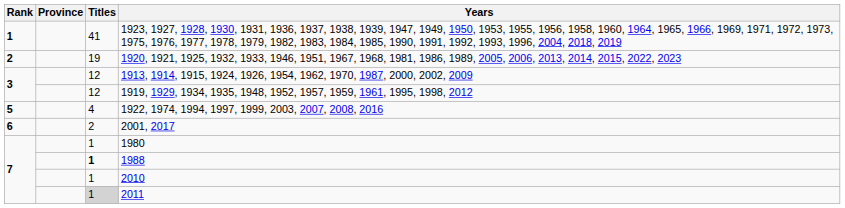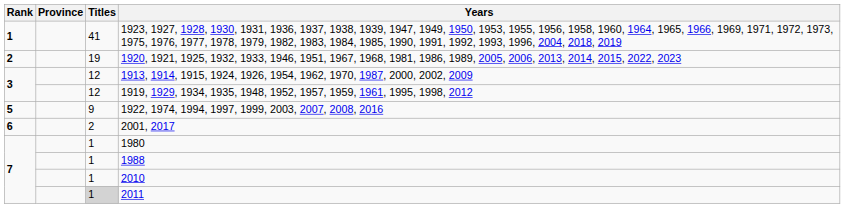 <table class="wikitable">
 <tr>
 <th>Rank</th>
 <th>Province</th>
 <th>Titles</th>
 <th>Years</th>
 </tr>
 <tr>
 <td><strong>1</strong></td>
 <td style="text-align:left;"></td>
 <td>41</td>
 <td>1923, 1927, <a href='#'>1928</a>, <a href='#'>1930</a>, 1931, 1936, 1937, 1938, 1939, 1947, 1949, <a href='#'>1950</a>, 1953, 1955, 1956, 1958, 1960, <a href='#'>1964</a>, 1965, <a href='#'>1966</a>, 1969, 1971, 1972, 1973, 1975, 1976, 1977, 1978, 1979, 1982, 1983, 1984, 1985, 1990, 1991, 1992, 1993, 1996, <a href='#'>2004</a>, <a href='#'>2018</a>, <a href='#'>2019</a></td>
 </tr>
 <tr>
 <td><strong>2</strong></td>
 <td style="text-align:left;"></td>
 <td>19</td>
 <td><a href='#'>1920</a>, 1921, 1925, 1932, 1933, 1946, 1951, 1967, 1968, 1981, 1986, 1989, <a href='#'>2005</a>, <a href='#'>2006</a>, <a href='#'>2013</a>, <a href='#'>2014</a>, <a href='#'>2015</a>, <a href='#'>2022</a>, <a href='#'>2023</a></td>
 </tr>
 <tr>
 <td rowspan="2"><strong>3</strong></td>
 <td style="text-align:left;"></td>
 <td>12</td>
 <td><a href='#'>1913</a>, <a href='#'>1914</a>, 1915, 1924, 1926, 1954, 1962, 1970, <a href='#'>1987</a>, 2000, 2002, <a href='#'>2009</a></td>
 </tr>
 <tr>
 <td style="text-align:left;"></td>
 <td>12</td>
 <td>1919, <a href='#'>1929</a>, 1934, 1935, 1948, 1952, 1957, 1959, <a href='#'>1961</a>, 1995, 1998, <a href='#'>2012</a></td>
 </tr>
 <tr>
 <td><strong>5</strong></td>
 <td style="text-align:left;"></td>
-<td>4</td>
+<td>9</td>
 <td>1922, 1974, 1994, 1997, 1999, 2003, <a href='#'>2007</a>, <a href='#'>2008</a>, <a href='#'>2016</a></td>
 </tr>
 <tr>
 <td><strong>6</strong></td>
 <td style="text-align:left;"></td>
 <td>2</td>
 <td>2001, <a href='#'>2017</a></td>
 </tr>
 <tr>
 <td rowspan="4"><strong>7</strong></td>
 <td style="text-align:left;"></td>
 <td>1</td>
 <td>1980</td>
 </tr>
 <tr>
 <td style="text-align:left;"></td>
-<td><strong>1</strong></td>
+<td>1</td>
 <td><a href='#'>1988</a></td>
 </tr>
 <tr>
 <td style="text-align:left;"></td>
 <td>1</td>
 <td><a href='#'>2010</a></td>
 </tr>
 <tr>
 <td style="text-align:left;"></td>
 <td style="background: lightgrey;">1</td>
 <td><a href='#'>2011</a></td>
 </tr>
 </table>
